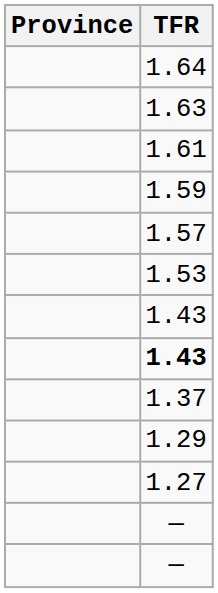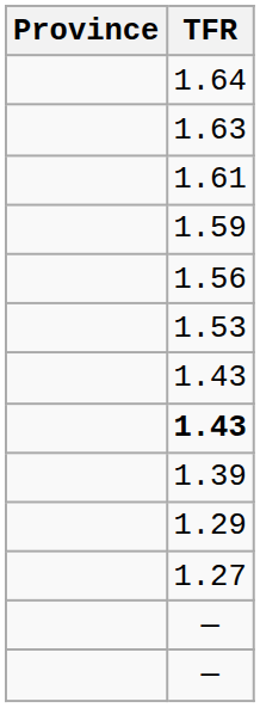 <table class="wikitable sortable">
 <tr>
 <th>Province</th>
 <th>TFR</th>
 </tr>
 <tr>
 <td></td>
 <td align="center">1.64</td>
 </tr>
 <tr>
 <td></td>
 <td align="center">1.63</td>
 </tr>
 <tr>
 <td></td>
 <td align="center">1.61</td>
 </tr>
 <tr>
 <td></td>
 <td align="center">1.59</td>
 </tr>
 <tr>
 <td></td>
-<td align="center">1.57</td>
+<td align="center">1.56</td>
 </tr>
 <tr>
 <td></td>
 <td align="center">1.53</td>
 </tr>
 <tr>
 <td><strong></strong></td>
 <td align="center">1.43</td>
 </tr>
 <tr>
 <td></td>
 <td align="center"><strong>1.43</strong></td>
 </tr>
 <tr>
 <td></td>
-<td align="center">1.37</td>
+<td align="center">1.39</td>
 </tr>
 <tr>
 <td></td>
 <td align="center">1.29</td>
 </tr>
 <tr>
 <td></td>
 <td align="center">1.27</td>
 </tr>
 <tr>
 <td></td>
 <td align="center">—</td>
 </tr>
 <tr>
 <td></td>
 <td align="center">—</td>
 </tr>
 </table>
